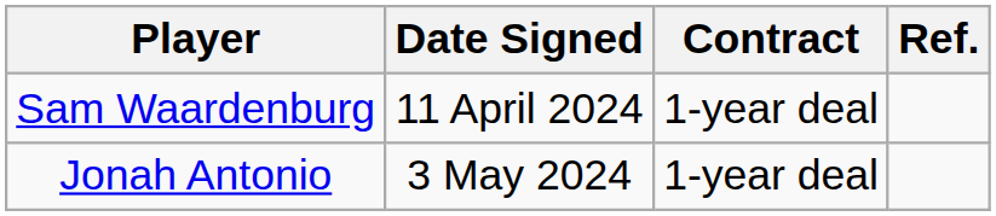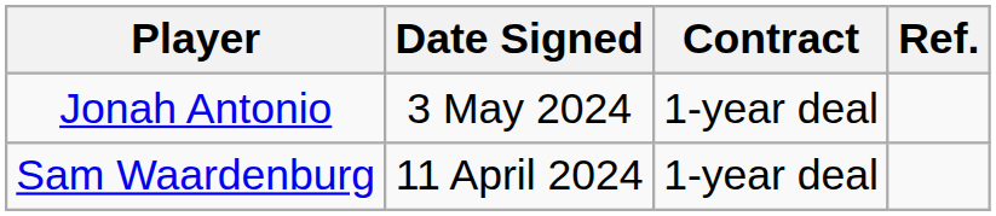 <table class="wikitable sortable sortable" style="text-align: center">
 <tr>
 <th>Player</th>
 <th>Date Signed</th>
 <th>Contract</th>
 <th>Ref.</th>
 </tr>
 <tr>
+<td><a href='#'>Jonah Antonio</a></td>
+<td>3 May 2024</td>
+<td>1-year deal</td>
+<td></td>
+</tr>
+<tr>
 <td><a href='#'>Sam Waardenburg</a></td>
 <td>11 April 2024</td>
 <td>1-year deal</td>
 <td></td>
 </tr>
-<tr>
-<td><a href='#'>Jonah Antonio</a></td>
-<td>3 May 2024</td>
-<td>1-year deal</td>
-<td></td>
-</tr>
 </table>
